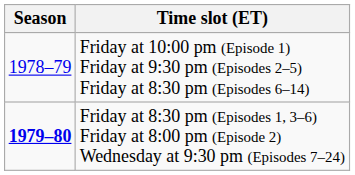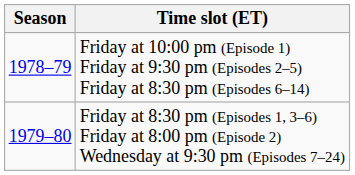 <table class="wikitable">
 <tr>
 <th>Season</th>
 <th>Time slot (ET)</th>
 </tr>
 <tr>
 <td><a href='#'>1978–79</a></td>
 <td>Friday at 10:00 pm <small>(Episode 1)</small><br>Friday at 9:30 pm <small>(Episodes 2–5)</small><br>Friday at 8:30 pm <small>(Episodes 6–14)</small></td>
 </tr>
 <tr>
-<td><strong><a href='#'>1979–80</a></strong></td>
+<td><a href='#'>1979–80</a></td>
 <td>Friday at 8:30 pm <small>(Episodes 1, 3–6)</small><br>Friday at 8:00 pm <small>(Episode 2)</small><br>Wednesday at 9:30 pm <small>(Episodes 7–24)</small></td>
 </tr>
 </table>
